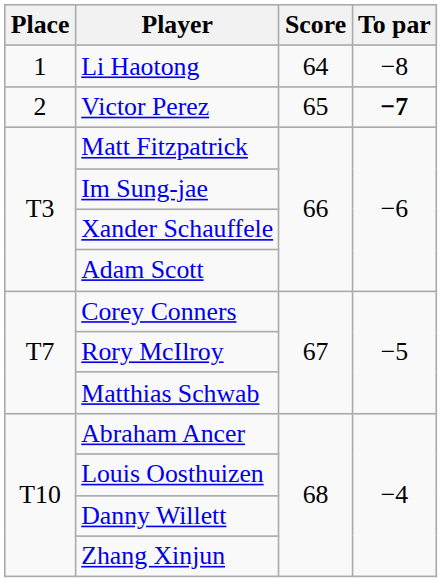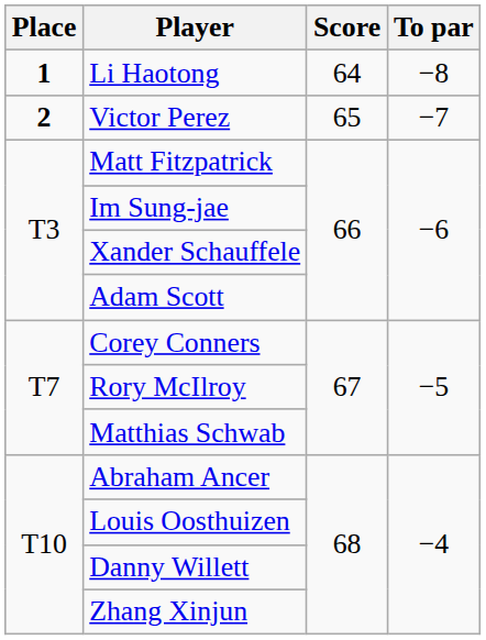 <table class="wikitable">
 <tr>
 <th>Place</th>
 <th>Player</th>
 <th>Score</th>
 <th>To par</th>
 </tr>
 <tr>
-<td align=center>1</td>
+<td align=center><strong>1</strong></td>
 <td> <a href='#'>Li Haotong</a></td>
 <td align=center>64</td>
 <td align=center>−8</td>
 </tr>
 <tr>
-<td align=center>2</td>
+<td align=center><strong>2</strong></td>
 <td> <a href='#'>Victor Perez</a></td>
 <td align=center>65</td>
-<td align=center><strong>−7</strong></td>
+<td align=center>−7</td>
 </tr>
 <tr>
 <td rowspan=4 align=center>T3</td>
 <td> <a href='#'>Matt Fitzpatrick</a></td>
 <td rowspan=4 align=center>66</td>
 <td rowspan=4 align=center>−6</td>
 </tr>
 <tr>
 <td> <a href='#'>Im Sung-jae</a></td>
 </tr>
 <tr>
 <td> <a href='#'>Xander Schauffele</a></td>
 </tr>
 <tr>
 <td> <a href='#'>Adam Scott</a></td>
 </tr>
 <tr>
 <td rowspan=3 align=center>T7</td>
 <td> <a href='#'>Corey Conners</a></td>
 <td rowspan=3 align=center>67</td>
 <td rowspan=3 align=center>−5</td>
 </tr>
 <tr>
 <td> <a href='#'>Rory McIlroy</a></td>
 </tr>
 <tr>
 <td> <a href='#'>Matthias Schwab</a></td>
 </tr>
 <tr>
 <td rowspan=4 align=center>T10</td>
 <td> <a href='#'>Abraham Ancer</a></td>
 <td rowspan=4 align=center>68</td>
 <td rowspan=4 align=center>−4</td>
 </tr>
 <tr>
 <td> <a href='#'>Louis Oosthuizen</a></td>
 </tr>
 <tr>
 <td> <a href='#'>Danny Willett</a></td>
 </tr>
 <tr>
 <td> <a href='#'>Zhang Xinjun</a></td>
 </tr>
 </table>
